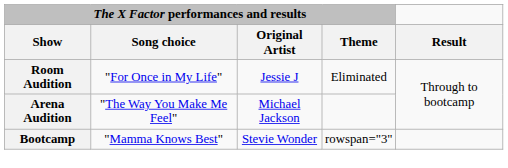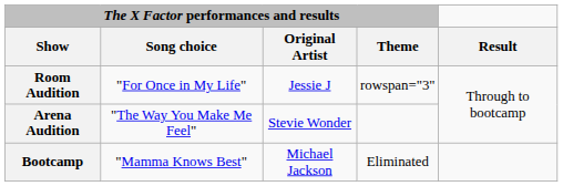 <table class="wikitable collapsible collapsed" style="width:100%; margin:1em auto 1em auto; text-align:center;">
 <tr>
 <th colspan="4" style="background:#BFBFBF;"><em>The X Factor</em> performances and results</th>
 </tr>
 <tr>
 <th style="text-align:centre;">Show</th>
 <th style="text-align:centre;">Song choice</th>
 <th style="text-align:centre;">Original Artist</th>
 <th style="text-align:centre;">Theme</th>
 <th style="text-align:centre;">Result</th>
 </tr>
 <tr>
 <th>Room Audition</th>
 <td>"<a href='#'>For Once in My Life</a>"</td>
 <td><a href='#'>Jessie J</a></td>
-<td>Eliminated</td>
+<td>rowspan="3" </td>
 <td rowspan="2">Through to bootcamp</td>
 </tr>
 <tr>
 <th>Arena Audition</th>
 <td>"<a href='#'>The Way You Make Me Feel</a>"</td>
-<td><a href='#'>Michael Jackson</a></td>
+<td><a href='#'>Stevie Wonder</a></td>
 </tr>
 <tr>
 <th>Bootcamp</th>
 <td>"<a href='#'>Mamma Knows Best</a>"</td>
-<td><a href='#'>Stevie Wonder</a></td>
-<td>rowspan="3" </td>
+<td><a href='#'>Michael Jackson</a></td>
+<td>Eliminated</td>
 </tr>
 </table>
